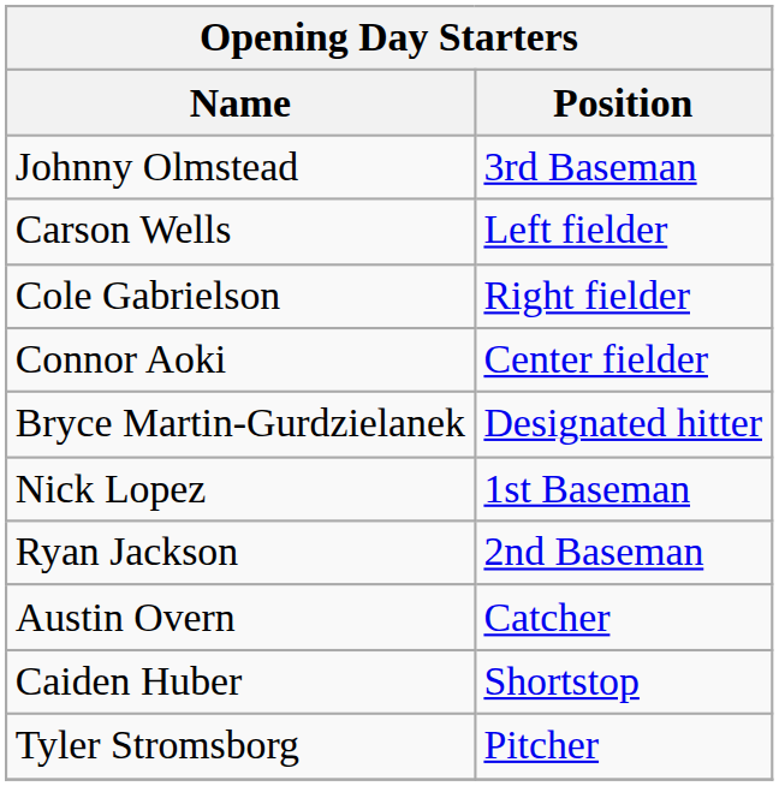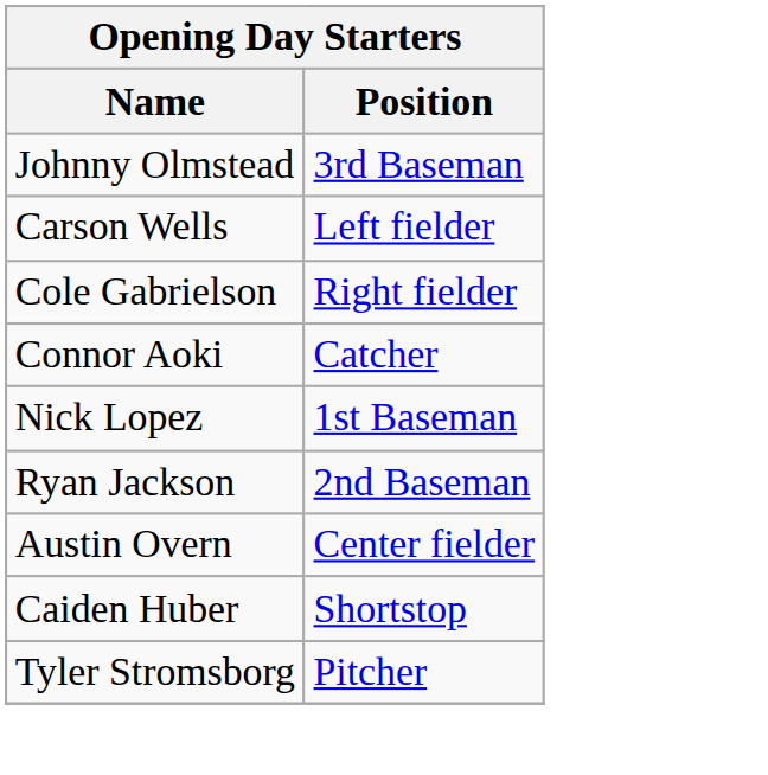 <table class="wikitable">
 <tr>
 <th colspan="2">Opening Day Starters</th>
 </tr>
 <tr>
 <th>Name</th>
 <th>Position</th>
 </tr>
 <tr>
 <td>Johnny Olmstead</td>
 <td><a href='#'>3rd Baseman</a></td>
 </tr>
 <tr>
 <td>Carson Wells</td>
 <td><a href='#'>Left fielder</a></td>
 </tr>
 <tr>
 <td>Cole Gabrielson</td>
 <td><a href='#'>Right fielder</a></td>
 </tr>
 <tr>
 <td>Connor Aoki</td>
-<td><a href='#'>Center fielder</a></td>
-</tr>
-<tr>
-<td>Bryce Martin-Gurdzielanek</td>
-<td><a href='#'>Designated hitter</a></td>
+<td><a href='#'>Catcher</a></td>
 </tr>
 <tr>
 <td>Nick Lopez</td>
 <td><a href='#'>1st Baseman</a></td>
 </tr>
 <tr>
 <td>Ryan Jackson</td>
 <td><a href='#'>2nd Baseman</a></td>
 </tr>
 <tr>
 <td>Austin Overn</td>
-<td><a href='#'>Catcher</a></td>
+<td><a href='#'>Center fielder</a></td>
 </tr>
 <tr>
 <td>Caiden Huber</td>
 <td><a href='#'>Shortstop</a></td>
 </tr>
 <tr>
 <td>Tyler Stromsborg</td>
 <td><a href='#'>Pitcher</a></td>
 </tr>
 <tr>
 </tr>
 </table>
